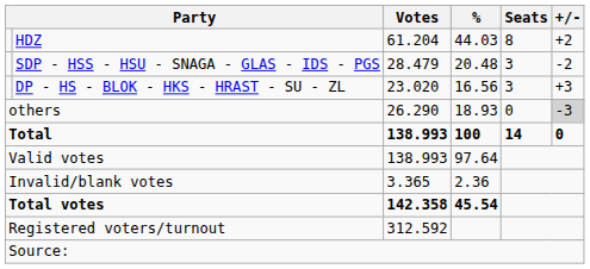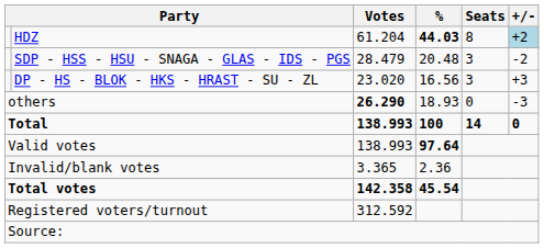 <table class="wikitable" style="text-align: left;">
 <tr>
 <th colspan="2">Party</th>
 <th>Votes</th>
 <th>%</th>
 <th>Seats</th>
 <th>+/-</th>
 </tr>
 <tr>
 <td style="background-color: "></td>
 <td><a href='#'>HDZ</a></td>
 <td>61.204</td>
-<td>44.03</td>
+<td><strong>44.03</strong></td>
 <td>8</td>
-<td>+2</td>
+<td style="background: lightblue;">+2</td>
 </tr>
 <tr>
 <td style="background-color: "></td>
 <td><a href='#'>SDP</a> - <a href='#'>HSS</a> - <a href='#'>HSU</a> - SNAGA - <a href='#'>GLAS</a> - <a href='#'>IDS</a> - <a href='#'>PGS</a></td>
 <td>28.479</td>
 <td>20.48</td>
 <td>3</td>
 <td>-2</td>
 </tr>
 <tr>
 <td style="background-color: "></td>
 <td><a href='#'>DP</a> - <a href='#'>HS</a> - <a href='#'>BLOK</a> - <a href='#'>HKS</a> - <a href='#'>HRAST</a> - SU - ZL</td>
 <td>23.020</td>
 <td>16.56</td>
 <td>3</td>
 <td>+3</td>
 </tr>
 <tr>
 <td colspan="2">others</td>
-<td>26.290</td>
+<td><strong>26.290</strong></td>
 <td>18.93</td>
 <td>0</td>
-<td style="background: lightgrey;">-3</td>
+<td>-3</td>
 </tr>
 <tr>
 <td colspan="2"><strong>Total</strong></td>
 <td><strong>138.993</strong></td>
 <td><strong>100</strong></td>
 <td><strong>14</strong></td>
 <td><strong>0</strong></td>
 </tr>
 <tr>
 <td colspan="2">Valid votes</td>
 <td>138.993</td>
-<td>97.64</td>
+<td><strong>97.64</strong></td>
 <td colspan="2"></td>
 </tr>
 <tr>
 <td colspan="2">Invalid/blank votes</td>
 <td>3.365</td>
 <td>2.36</td>
 <td colspan="2"></td>
 </tr>
 <tr>
 <td colspan="2"><strong>Total votes</strong></td>
 <td><strong>142.358</strong></td>
 <td><strong>45.54</strong></td>
 <td colspan="2"></td>
 </tr>
 <tr>
 <td colspan="2">Registered voters/turnout</td>
 <td votes14="5343">312.592</td>
 <td></td>
 <td colspan="2"></td>
 </tr>
 <tr>
 <td colspan="6">Source: </td>
 </tr>
 </table>
